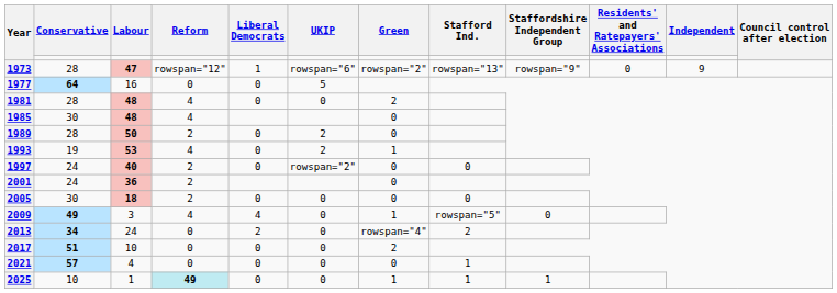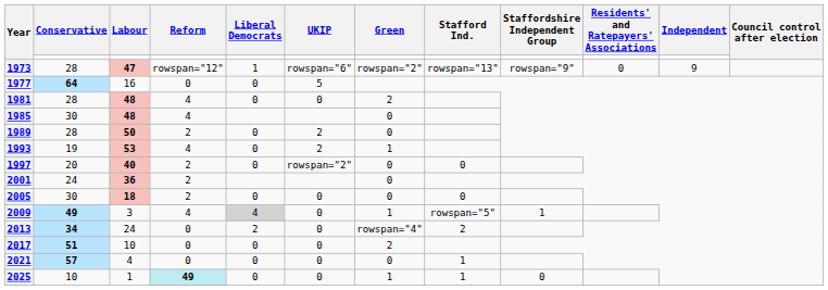 <table class="wikitable plainrowheaders" style="text-align:center">
 <tr>
 <th scope="col" rowspan="2">Year</th>
 <th scope="col"><a href='#'>Conservative</a></th>
 <th scope="col"><a href='#'>Labour</a></th>
 <th scope="col"><a href='#'>Reform</a></th>
 <th scope="col" style="width:1px"><a href='#'>Liberal Democrats</a></th>
 <th scope="col"><a href='#'>UKIP</a></th>
 <th scope="col"><a href='#'>Green</a></th>
 <th scope="col" style="width:1px">Stafford Ind.</th>
 <th scope="col" style="width:1px">Staffordshire Independent Group</th>
 <th scope="col" style="width:1px"><a href='#'>Residents'</a> and <a href='#'>Ratepayers' Associations</a></th>
 <th scope="col"><a href='#'>Independent</a></th>
 <th scope="col" rowspan="2" colspan="2">Council control<br>after election</th>
 </tr>
 <tr>
 <td style="background:"></td>
 <td style="background:"></td>
 <td style="background:"></td>
 <td style="background:"></td>
 <td style="background:"></td>
 <td style="background:"></td>
 <td style="background:"></td>
 <td style="background:"></td>
 <td style="background:"></td>
 <td style="background:"></td>
 </tr>
 <tr>
 <th scope="row"><a href='#'>1973</a></th>
 <td>28</td>
 <td style="background:#F8C1BE;"><strong>47</strong></td>
 <td>rowspan="12" </td>
 <td>1</td>
 <td>rowspan="6" </td>
 <td>rowspan="2" </td>
 <td>rowspan="13" </td>
 <td>rowspan="9" </td>
 <td>0</td>
 <td>9</td>
 <td></td>
 </tr>
 <tr>
 <th scope="row"><a href='#'>1977</a></th>
 <td style="background:#B9E4FF;"><strong>64</strong></td>
 <td>16</td>
 <td>0</td>
 <td>0</td>
 <td>5</td>
 <td></td>
 </tr>
 <tr>
 <th scope="row"><a href='#'>1981</a></th>
 <td>28</td>
 <td style="background:#F8C1BE;"><strong>48</strong></td>
 <td>4</td>
 <td>0</td>
 <td>0</td>
 <td>2</td>
 <td></td>
 </tr>
 <tr>
 <th scope="row"><a href='#'>1985</a></th>
 <td>30</td>
 <td style="background:#F8C1BE;"><strong>48</strong></td>
 <td>4</td>
 <td></td>
 <td></td>
 <td>0</td>
 <td></td>
 </tr>
 <tr>
 <th scope="row"><a href='#'>1989</a></th>
 <td>28</td>
 <td style="background:#F8C1BE;"><strong>50</strong></td>
 <td>2</td>
 <td>0</td>
 <td>2</td>
 <td>0</td>
 <td></td>
 </tr>
 <tr>
 <th scope="row"><a href='#'>1993</a></th>
 <td>19</td>
 <td style="background:#F8C1BE;"><strong>53</strong></td>
 <td>4</td>
 <td>0</td>
 <td>2</td>
 <td>1</td>
 <td></td>
 </tr>
 <tr>
 <th scope="row"><a href='#'>1997</a></th>
-<td>24</td>
+<td>20</td>
 <td style="background:#F8C1BE;"><strong>40</strong></td>
 <td>2</td>
 <td>0</td>
 <td>rowspan="2" </td>
 <td>0</td>
 <td>0</td>
 <td></td>
 </tr>
 <tr>
 <th scope="row"><a href='#'>2001</a></th>
 <td>24</td>
 <td style="background:#F8C1BE;"><strong>36</strong></td>
 <td>2</td>
 <td></td>
 <td></td>
 <td>0</td>
 <td></td>
 </tr>
 <tr>
 <th scope="row"><a href='#'>2005</a></th>
 <td>30</td>
 <td style="background:#F8C1BE;"><strong>18</strong></td>
 <td>2</td>
 <td>0</td>
 <td>0</td>
 <td>0</td>
 <td>0</td>
 <td></td>
 </tr>
 <tr>
 <th scope="row"><a href='#'>2009</a></th>
 <td style="background:#B9E4FF;"><strong>49</strong></td>
 <td>3</td>
 <td>4</td>
-<td>4</td>
+<td style="background: lightgrey;">4</td>
 <td>0</td>
 <td>1</td>
 <td>rowspan="5" </td>
-<td>0</td>
+<td>1</td>
 <td></td>
 </tr>
 <tr>
 <th scope="row"><a href='#'>2013</a></th>
 <td style="background:#B9E4FF;"><strong>34</strong></td>
 <td>24</td>
 <td>0</td>
 <td>2</td>
 <td>0</td>
 <td>rowspan="4" </td>
 <td>2</td>
 <td></td>
 </tr>
 <tr>
 <th scope="row"><a href='#'>2017</a></th>
 <td style="background:#B9E4FF;"><strong>51</strong></td>
 <td>10</td>
 <td>0</td>
 <td>0</td>
 <td>0</td>
 <td>2</td>
 <td></td>
 </tr>
 <tr>
 <th scope="row"><a href='#'>2021</a></th>
 <td style="background:#B9E4FF;"><strong>57</strong></td>
 <td>4</td>
 <td>0</td>
 <td>0</td>
 <td>0</td>
 <td>0</td>
 <td>1</td>
 <td></td>
 </tr>
 <tr>
 <th scope="row"><a href='#'>2025</a></th>
 <td>10</td>
 <td>1</td>
 <td style="background:#BFEBF2"><strong>49</strong></td>
 <td>0</td>
 <td>0</td>
 <td>1</td>
 <td>1</td>
-<td>1</td>
+<td>0</td>
 <td></td>
 </tr>
 </table>
